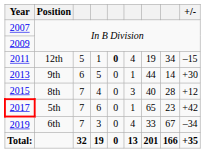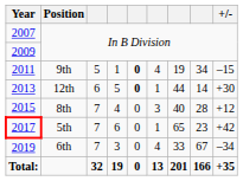 <table class="wikitable" style="text-align: center">
 <tr>
 <th>Year</th>
 <th>Position</th>
 <th width=20></th>
 <th width=20></th>
 <th width=20></th>
 <th width=20></th>
 <th width=20></th>
 <th width=20></th>
 <th width=20>+/-</th>
 </tr>
 <tr>
 <td><a href='#'>2007</a> </td>
 <td rowspan=2 colspan=8 style="text-align:center;"><em>In B Division</em></td>
 </tr>
 <tr>
 <td><a href='#'>2009</a> </td>
 </tr>
 <tr>
 <td><a href='#'>2011</a> </td>
-<td>12th</td>
+<td>9th</td>
 <td>5</td>
 <td>1</td>
 <td><strong>0</strong></td>
 <td>4</td>
 <td>19</td>
 <td>34</td>
 <td>–15</td>
 </tr>
 <tr>
 <td><a href='#'>2013</a> </td>
-<td>9th</td>
+<td>12th</td>
 <td>6</td>
 <td>5</td>
-<td>0</td>
+<td><strong>0</strong></td>
 <td>1</td>
 <td>44</td>
 <td>14</td>
 <td>+30</td>
 </tr>
 <tr>
 <td><a href='#'>2015</a> </td>
 <td>8th</td>
 <td>7</td>
 <td>4</td>
 <td>0</td>
 <td>3</td>
 <td>40</td>
 <td>28</td>
 <td>+12</td>
 </tr>
 <tr>
 <td style="border: 3px solid red"><a href='#'>2017</a> </td>
 <td>5th</td>
 <td>7</td>
 <td>6</td>
 <td>0</td>
 <td>1</td>
 <td>65</td>
 <td>23</td>
 <td>+42</td>
 </tr>
 <tr>
 <td><a href='#'>2019</a> </td>
 <td>6th</td>
 <td>7</td>
 <td>3</td>
 <td>0</td>
 <td>4</td>
 <td>33</td>
 <td>67</td>
 <td>–34</td>
 </tr>
 <tr style="font-weight: bold;">
 <td>Total:</td>
 <td></td>
 <td>32</td>
 <td>19</td>
 <td>0</td>
 <td>13</td>
 <td>201</td>
 <td>166</td>
 <td>+35</td>
 </tr>
 </table>
